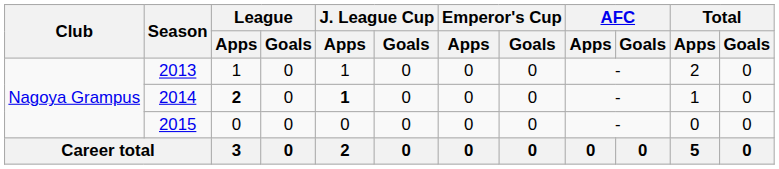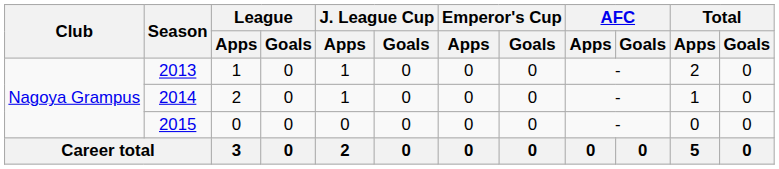 <table class="wikitable" style="text-align: center;">
 <tr>
 <th rowspan="2">Club</th>
 <th rowspan="2">Season</th>
 <th colspan="2">League</th>
 <th colspan="2">J. League Cup</th>
 <th colspan="2">Emperor's Cup</th>
 <th colspan="2"><a href='#'>AFC</a></th>
 <th colspan="2">Total</th>
 </tr>
 <tr>
 <th>Apps</th>
 <th>Goals</th>
 <th>Apps</th>
 <th>Goals</th>
 <th>Apps</th>
 <th>Goals</th>
 <th>Apps</th>
 <th>Goals</th>
 <th>Apps</th>
 <th>Goals</th>
 </tr>
 <tr>
 <td rowspan="3"><a href='#'>Nagoya Grampus</a></td>
 <td><a href='#'>2013</a></td>
 <td>1</td>
 <td>0</td>
 <td>1</td>
 <td>0</td>
 <td>0</td>
 <td>0</td>
 <td colspan="2">-</td>
 <td>2</td>
 <td>0</td>
 </tr>
 <tr>
 <td><a href='#'>2014</a></td>
-<td><strong>2</strong></td>
+<td>2</td>
 <td>0</td>
-<td><strong>1</strong></td>
+<td>1</td>
 <td>0</td>
 <td>0</td>
 <td>0</td>
 <td colspan="2">-</td>
 <td>1</td>
 <td>0</td>
 </tr>
 <tr>
 <td><a href='#'>2015</a></td>
 <td>0</td>
 <td>0</td>
 <td>0</td>
 <td>0</td>
 <td>0</td>
 <td>0</td>
 <td colspan="2">-</td>
 <td>0</td>
 <td>0</td>
 </tr>
 <tr>
 <th colspan="2">Career total</th>
 <th>3</th>
 <th>0</th>
 <th>2</th>
 <th>0</th>
 <th>0</th>
 <th>0</th>
 <th>0</th>
 <th>0</th>
 <th>5</th>
 <th>0</th>
 </tr>
 </table>
